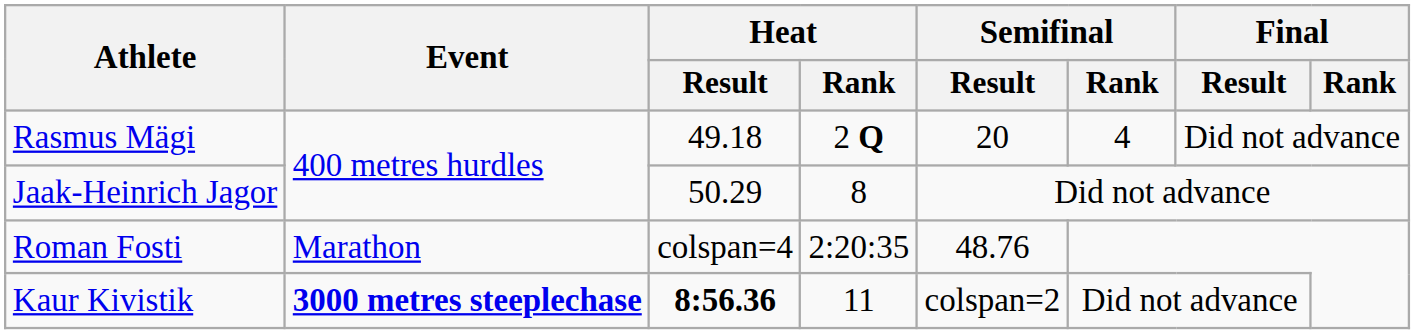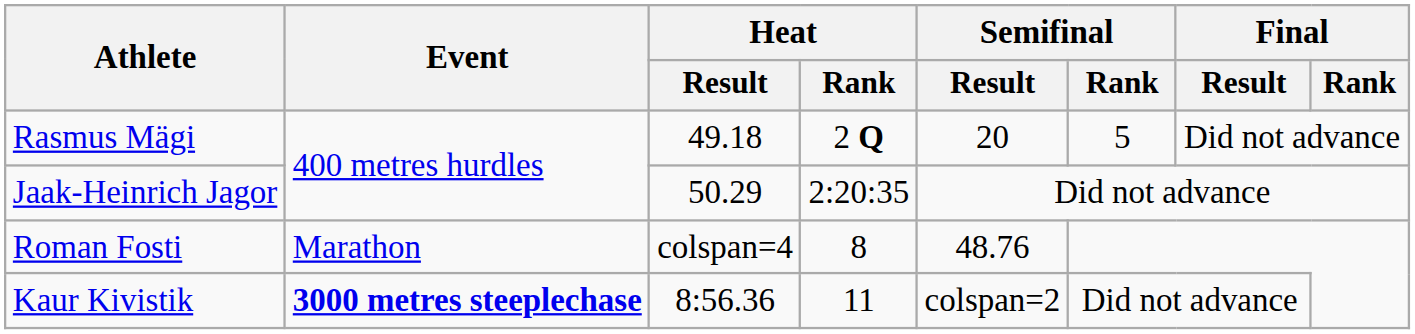 <table class="wikitable" style="font-size:90%">
 <tr>
 <th rowspan="2">Athlete</th>
 <th rowspan="2">Event</th>
 <th colspan="2">Heat</th>
 <th colspan="2">Semifinal</th>
 <th colspan="2">Final</th>
 </tr>
 <tr style="font-size:95%">
 <th>Result</th>
 <th>Rank</th>
 <th>Result</th>
 <th>Rank</th>
 <th>Result</th>
 <th>Rank</th>
 </tr>
 <tr style=text-align:center>
 <td style=text-align:left><a href='#'>Rasmus Mägi</a></td>
 <td style=text-align:left rowspan=2><a href='#'>400 metres hurdles</a></td>
 <td>49.18</td>
 <td>2 <strong>Q</strong></td>
 <td>20</td>
-<td>4</td>
+<td>5</td>
 <td colspan="2">Did not advance</td>
 </tr>
 <tr style=text-align:center>
 <td style=text-align:left><a href='#'>Jaak-Heinrich Jagor</a></td>
 <td>50.29</td>
-<td>8</td>
+<td>2:20:35</td>
 <td colspan="4">Did not advance</td>
 </tr>
 <tr style=text-align:center>
 <td style=text-align:left><a href='#'>Roman Fosti</a></td>
 <td style=text-align:left><a href='#'>Marathon</a></td>
 <td>colspan=4 </td>
-<td>2:20:35</td>
+<td>8</td>
 <td>48.76</td>
 </tr>
 <tr style=text-align:center>
 <td style=text-align:left><a href='#'>Kaur Kivistik</a></td>
 <td style=text-align:left><strong><a href='#'>3000 metres steeplechase</a></strong></td>
-<td><strong>8:56.36</strong></td>
+<td>8:56.36</td>
 <td>11</td>
 <td>colspan=2 </td>
 <td colspan="2">Did not advance</td>
 </tr>
 </table>
